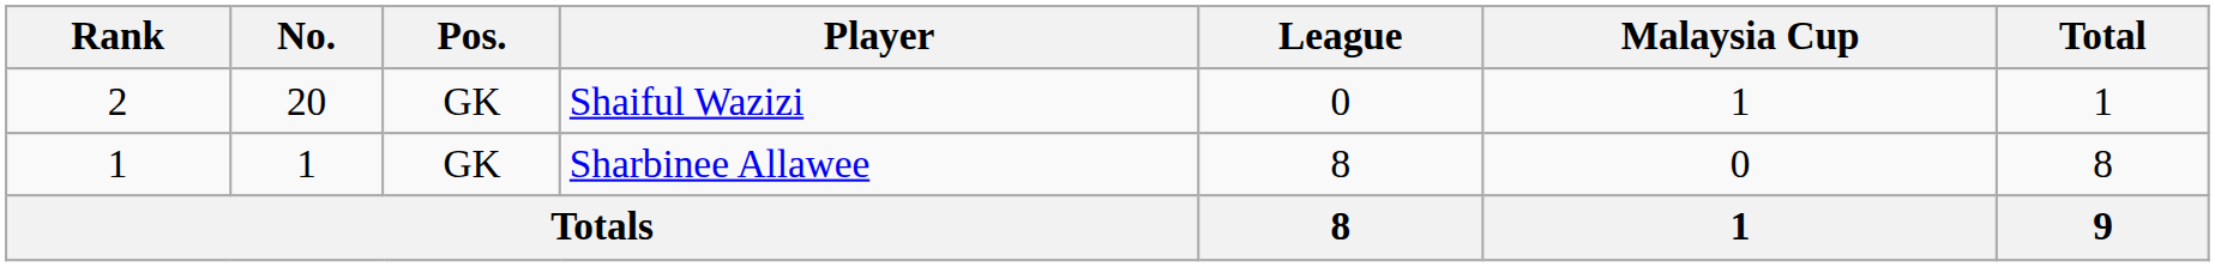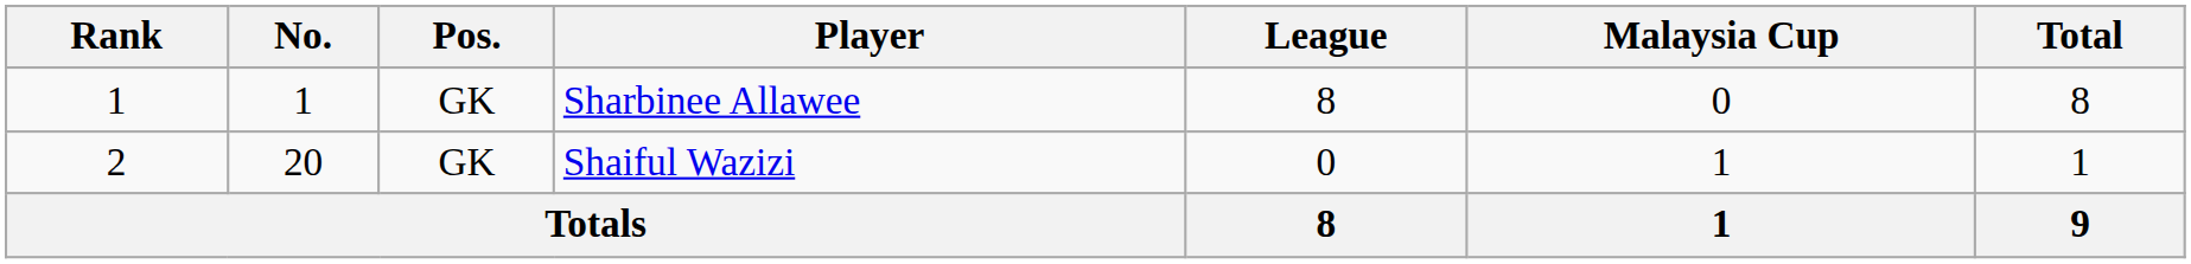 <table class="wikitable sortable" style="text-align:center;width:100%;">
 <tr>
 <th>Rank</th>
 <th>No.</th>
 <th>Pos.</th>
 <th>Player</th>
 <th>League</th>
 <th>Malaysia Cup</th>
 <th>Total</th>
 </tr>
 <tr>
+<td rowspan=1>1</td>
+<td>1</td>
+<td>GK</td>
+<td align=left> <a href='#'>Sharbinee Allawee</a></td>
+<td>8</td>
+<td>0</td>
+<td>8</td>
+</tr>
+<tr>
 <td rowspan=1>2</td>
 <td>20</td>
 <td>GK</td>
 <td align=left> <a href='#'>Shaiful Wazizi</a></td>
 <td>0</td>
 <td>1</td>
 <td>1</td>
 </tr>
 <tr>
-<td rowspan=1>1</td>
-<td>1</td>
-<td>GK</td>
-<td align=left> <a href='#'>Sharbinee Allawee</a></td>
-<td>8</td>
-<td>0</td>
-<td>8</td>
-</tr>
-<tr>
 <th colspan=4><strong>Totals</strong></th>
 <th>8</th>
 <th><strong>1</strong></th>
 <th><strong>9</strong></th>
 </tr>
 </table>
